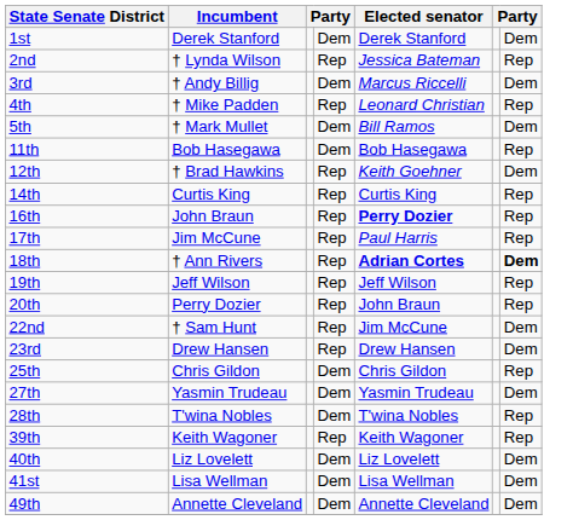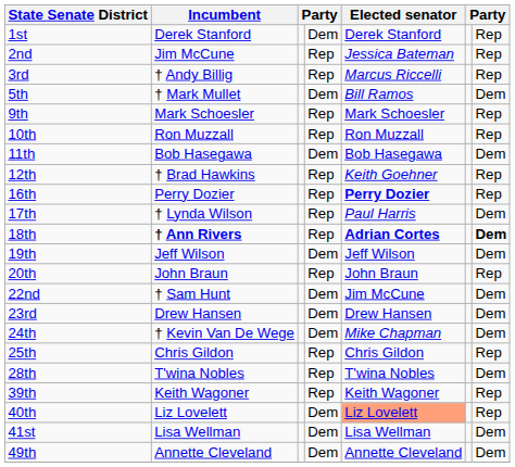 <table class="sortable wikitable" style="font-size:95%;line-height:14px;">
 <tr>
 <th colspan="1" class="unsortable"><a href='#'>State Senate</a> District</th>
 <th class="unsortable"><a href='#'>Incumbent</a></th>
 <th colspan="2">Party</th>
 <th class="unsortable">Elected senator</th>
 <th colspan="2">Party</th>
 </tr>
 <tr>
 <td><a href='#'>1st</a></td>
 <td><a href='#'>Derek Stanford</a></td>
 <td style="background:"></td>
 <td>Dem</td>
 <td><a href='#'>Derek Stanford</a></td>
 <td style="background:"></td>
-<td>Dem</td>
+<td>Rep</td>
 </tr>
 <tr>
 <td><a href='#'>2nd</a></td>
-<td>† <a href='#'>Lynda Wilson</a></td>
+<td><a href='#'>Jim McCune</a></td>
 <td style="background:"></td>
 <td>Rep</td>
 <td><em><a href='#'>Jessica Bateman</a></em></td>
 <td style="background:"></td>
 <td>Rep</td>
 </tr>
 <tr>
 <td><a href='#'>3rd</a></td>
 <td>† <a href='#'>Andy Billig</a></td>
 <td style="background:"></td>
-<td>Dem</td>
+<td>Rep</td>
 <td><em><a href='#'>Marcus Riccelli</a></em></td>
-<td style="background:"></td>
-<td>Dem</td>
-</tr>
-<tr>
-<td><a href='#'>4th</a></td>
-<td>† <a href='#'>Mike Padden</a></td>
-<td style="background:"></td>
-<td>Rep</td>
-<td><em><a href='#'>Leonard Christian</a></em></td>
 <td style="background:"></td>
 <td>Rep</td>
 </tr>
 <tr>
 <td><a href='#'>5th</a></td>
 <td>† <a href='#'>Mark Mullet</a></td>
 <td style="background:"></td>
 <td>Dem</td>
 <td><em><a href='#'>Bill Ramos</a></em></td>
 <td style="background:"></td>
 <td>Dem</td>
 </tr>
 <tr>
+<td><a href='#'>9th</a></td>
+<td><a href='#'>Mark Schoesler</a></td>
+<td style="background:"></td>
+<td>Rep</td>
+<td><a href='#'>Mark Schoesler</a></td>
+<td style="background:"></td>
+<td>Rep</td>
+</tr>
+<tr>
+<td><a href='#'>10th</a></td>
+<td><a href='#'>Ron Muzzall</a></td>
+<td style="background:"></td>
+<td>Rep</td>
+<td><a href='#'>Ron Muzzall</a></td>
+<td style="background:"></td>
+<td>Rep</td>
+</tr>
+<tr>
 <td><a href='#'>11th</a></td>
 <td><a href='#'>Bob Hasegawa</a></td>
 <td style="background:"></td>
 <td>Dem</td>
 <td><a href='#'>Bob Hasegawa</a></td>
 <td style="background:"></td>
-<td>Rep</td>
+<td>Dem</td>
 </tr>
 <tr>
 <td><a href='#'>12th</a></td>
 <td>† <a href='#'>Brad Hawkins</a></td>
 <td style="background:"></td>
 <td>Rep</td>
 <td><em><a href='#'>Keith Goehner</a></em></td>
 <td style="background:"></td>
-<td>Dem</td>
-</tr>
-<tr>
-<td><a href='#'>14th</a></td>
-<td><a href='#'>Curtis King</a></td>
-<td style="background:"></td>
-<td>Rep</td>
-<td><a href='#'>Curtis King</a></td>
-<td style="background:"></td>
 <td>Rep</td>
 </tr>
 <tr>
 <td><a href='#'>16th</a></td>
-<td><a href='#'>John Braun</a></td>
+<td><a href='#'>Perry Dozier</a></td>
 <td style="background:"></td>
 <td>Rep</td>
 <td><strong><a href='#'>Perry Dozier</a></strong></td>
 <td style="background:"></td>
 <td>Rep</td>
 </tr>
 <tr>
 <td><a href='#'>17th</a></td>
-<td><a href='#'>Jim McCune</a></td>
+<td>† <a href='#'>Lynda Wilson</a></td>
 <td style="background:"></td>
 <td>Rep</td>
 <td><em><a href='#'>Paul Harris</a></em></td>
 <td style="background:"></td>
-<td>Rep</td>
+<td>Dem</td>
 </tr>
 <tr>
 <td><a href='#'>18th</a></td>
-<td>† <a href='#'>Ann Rivers</a></td>
+<td><strong>† <a href='#'>Ann Rivers</a></strong></td>
 <td style="background:"></td>
 <td>Rep</td>
 <td><strong><a href='#'>Adrian Cortes</a></strong></td>
 <td style="background:"></td>
 <td><strong>Dem</strong></td>
 </tr>
 <tr>
 <td><a href='#'>19th</a></td>
 <td><a href='#'>Jeff Wilson</a></td>
 <td style="background:"></td>
-<td>Rep</td>
+<td>Dem</td>
 <td><a href='#'>Jeff Wilson</a></td>
 <td style="background:"></td>
-<td>Rep</td>
+<td>Dem</td>
 </tr>
 <tr>
 <td><a href='#'>20th</a></td>
-<td><a href='#'>Perry Dozier</a></td>
+<td><a href='#'>John Braun</a></td>
 <td style="background:"></td>
 <td>Rep</td>
 <td><a href='#'>John Braun</a></td>
 <td style="background:"></td>
 <td>Rep</td>
 </tr>
 <tr>
 <td><a href='#'>22nd</a></td>
 <td>† <a href='#'>Sam Hunt</a></td>
 <td style="background:"></td>
-<td>Rep</td>
+<td>Dem</td>
 <td><a href='#'>Jim McCune</a></td>
 <td style="background:"></td>
 <td>Dem</td>
 </tr>
 <tr>
 <td><a href='#'>23rd</a></td>
 <td><a href='#'>Drew Hansen</a></td>
 <td style="background:"></td>
-<td>Rep</td>
+<td>Dem</td>
 <td><a href='#'>Drew Hansen</a></td>
+<td style="background:"></td>
+<td>Dem</td>
+</tr>
+<tr>
+<td><a href='#'>24th</a></td>
+<td>† <a href='#'>Kevin Van De Wege</a></td>
+<td style="background:"></td>
+<td>Dem</td>
+<td><em><a href='#'>Mike Chapman</a></em></td>
 <td style="background:"></td>
 <td>Dem</td>
 </tr>
 <tr>
 <td><a href='#'>25th</a></td>
 <td><a href='#'>Chris Gildon</a></td>
 <td style="background:"></td>
-<td>Dem</td>
+<td>Rep</td>
 <td><a href='#'>Chris Gildon</a></td>
 <td style="background:"></td>
 <td>Rep</td>
 </tr>
 <tr>
-<td><a href='#'>27th</a></td>
-<td><a href='#'>Yasmin Trudeau</a></td>
-<td style="background:"></td>
-<td>Dem</td>
-<td><a href='#'>Yasmin Trudeau</a></td>
-<td style="background:"></td>
-<td>Dem</td>
-</tr>
-<tr>
 <td><a href='#'>28th</a></td>
 <td><a href='#'>T'wina Nobles</a></td>
 <td style="background:"></td>
-<td>Dem</td>
+<td>Rep</td>
 <td><a href='#'>T'wina Nobles</a></td>
 <td style="background:"></td>
-<td>Rep</td>
+<td>Dem</td>
 </tr>
 <tr>
 <td><a href='#'>39th</a></td>
 <td><a href='#'>Keith Wagoner</a></td>
 <td style="background:"></td>
 <td>Rep</td>
 <td><a href='#'>Keith Wagoner</a></td>
 <td style="background:"></td>
 <td>Rep</td>
 </tr>
 <tr>
 <td><a href='#'>40th</a></td>
 <td><a href='#'>Liz Lovelett</a></td>
 <td style="background:"></td>
 <td>Dem</td>
-<td><a href='#'>Liz Lovelett</a></td>
+<td style="background: lightsalmon;"><a href='#'>Liz Lovelett</a></td>
 <td style="background:"></td>
-<td>Dem</td>
+<td>Rep</td>
 </tr>
 <tr>
 <td><a href='#'>41st</a></td>
 <td><a href='#'>Lisa Wellman</a></td>
 <td style="background:"></td>
 <td>Dem</td>
 <td><a href='#'>Lisa Wellman</a></td>
 <td style="background:"></td>
 <td>Dem</td>
 </tr>
 <tr>
 <td><a href='#'>49th</a></td>
 <td><a href='#'>Annette Cleveland</a></td>
 <td style="background:"></td>
 <td>Dem</td>
 <td><a href='#'>Annette Cleveland</a></td>
 <td style="background:"></td>
 <td>Dem</td>
 </tr>
 <tr>
 </tr>
 </table>
